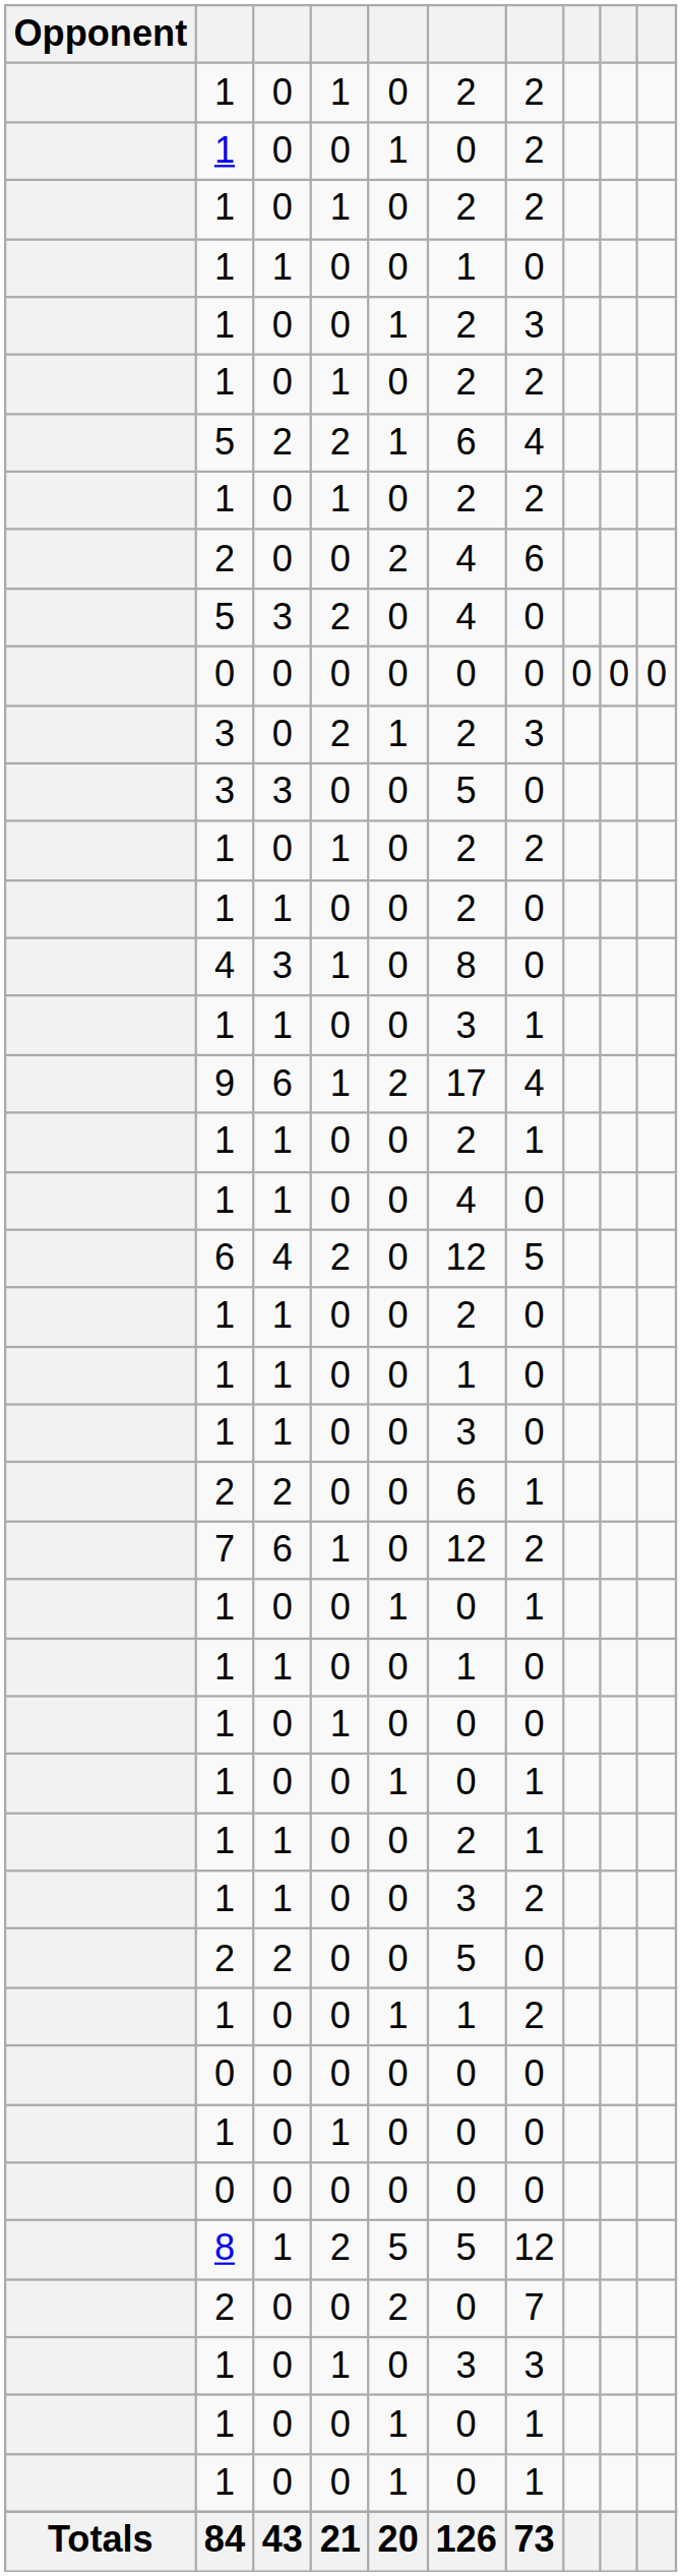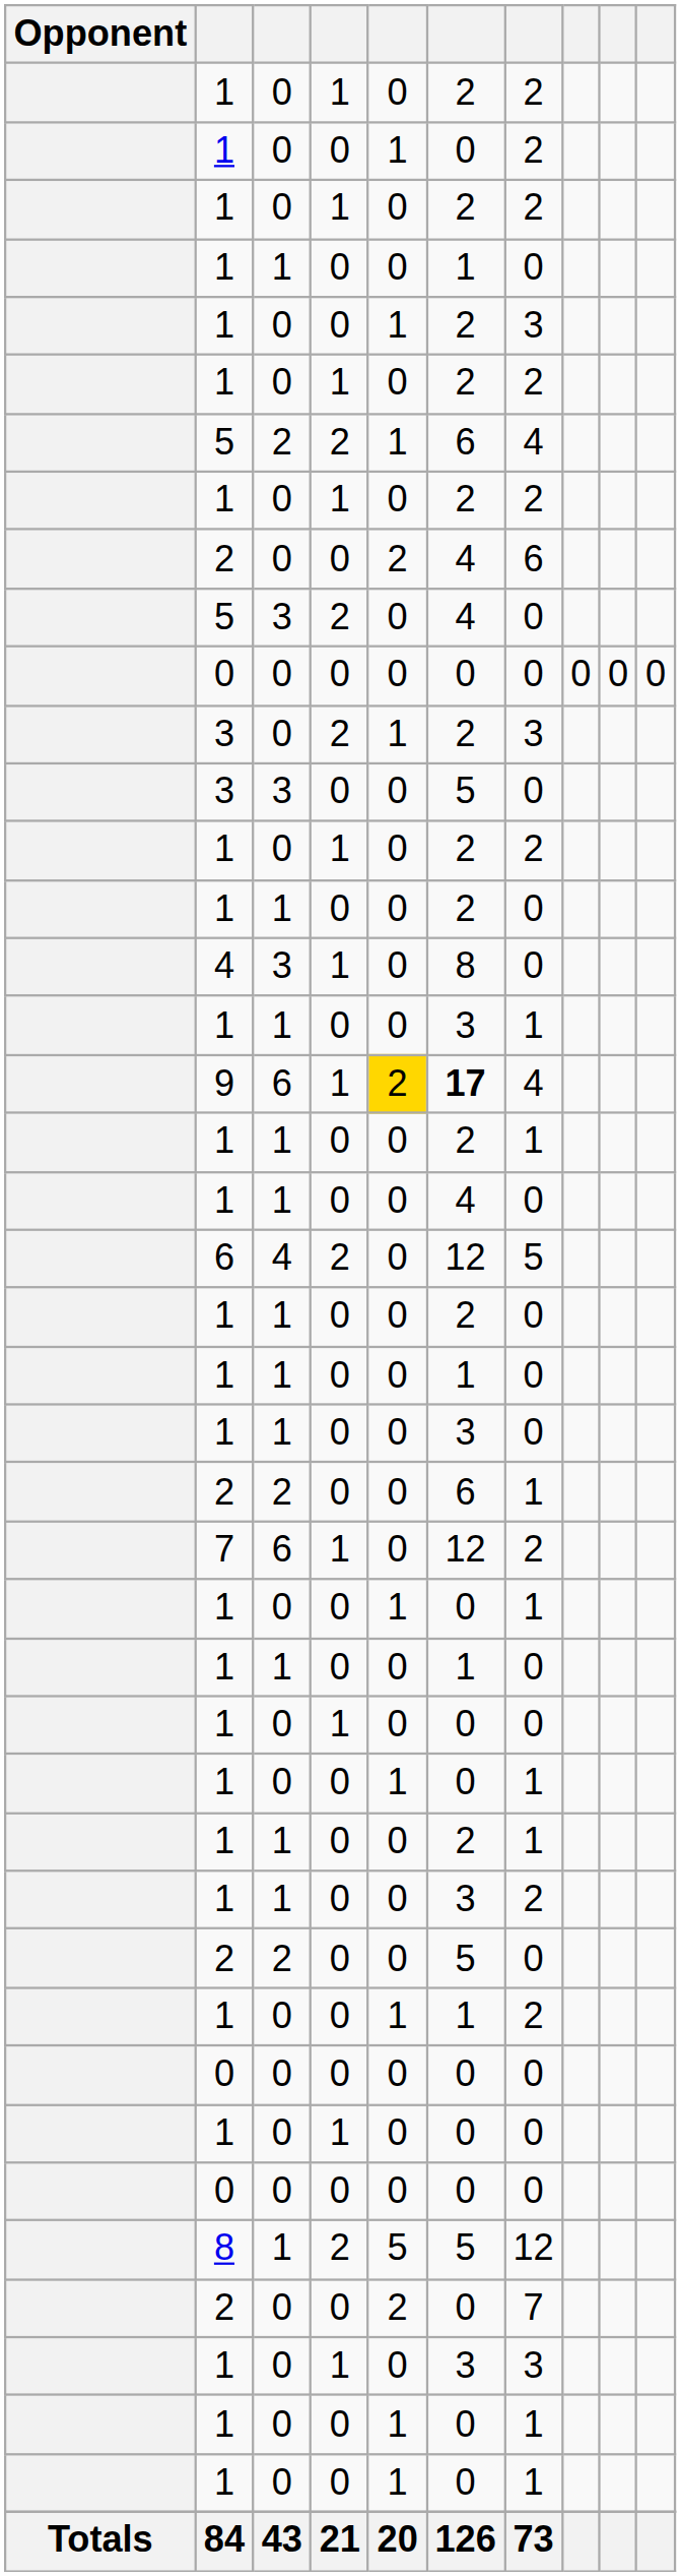 <table class="wikitable plainrowheaders sortable" style="text-align:center">
 <tr>
 <th scope=col>Opponent</th>
 <th scope=col></th>
 <th scope=col></th>
 <th scope=col></th>
 <th scope=col></th>
 <th scope=col></th>
 <th scope=col></th>
 <th scope=col></th>
 <th scope=col></th>
 <th scope=col></th>
 </tr>
 <tr>
 <th scope=row style="text-align:left;"></th>
 <td>1</td>
 <td>0</td>
 <td>1</td>
 <td>0</td>
 <td>2</td>
 <td>2</td>
 <td></td>
 <td></td>
 <td></td>
 </tr>
 <tr>
 <th scope=row style="text-align:left;"></th>
 <td><a href='#'>1</a></td>
 <td>0</td>
 <td>0</td>
 <td>1</td>
 <td>0</td>
 <td>2</td>
 <td></td>
 <td></td>
 <td></td>
 </tr>
 <tr>
 <th scope=row style="text-align:left;"></th>
 <td>1</td>
 <td>0</td>
 <td>1</td>
 <td>0</td>
 <td>2</td>
 <td>2</td>
 <td></td>
 <td></td>
 <td></td>
 </tr>
 <tr>
 <th scope=row style="text-align:left;"></th>
 <td>1</td>
 <td>1</td>
 <td>0</td>
 <td>0</td>
 <td>1</td>
 <td>0</td>
 <td></td>
 <td></td>
 <td></td>
 </tr>
 <tr>
 <th scope=row style="text-align:left;"></th>
 <td>1</td>
 <td>0</td>
 <td>0</td>
 <td>1</td>
 <td>2</td>
 <td>3</td>
 <td></td>
 <td></td>
 <td></td>
 </tr>
 <tr>
 <th scope=row style="text-align:left;"></th>
 <td>1</td>
 <td>0</td>
 <td>1</td>
 <td>0</td>
 <td>2</td>
 <td>2</td>
 <td></td>
 <td></td>
 <td></td>
 </tr>
 <tr>
 <th scope=row style="text-align:left;"></th>
 <td>5</td>
 <td>2</td>
 <td>2</td>
 <td>1</td>
 <td>6</td>
 <td>4</td>
 <td></td>
 <td></td>
 <td></td>
 </tr>
 <tr>
 <th scope=row style="text-align:left;"></th>
 <td>1</td>
 <td>0</td>
 <td>1</td>
 <td>0</td>
 <td>2</td>
 <td>2</td>
 <td></td>
 <td></td>
 <td></td>
 </tr>
 <tr>
 <th scope=row style="text-align:left;"></th>
 <td>2</td>
 <td>0</td>
 <td>0</td>
 <td>2</td>
 <td>4</td>
 <td>6</td>
 <td></td>
 <td></td>
 <td></td>
 </tr>
 <tr>
 <th scope=row style="text-align:left;"></th>
 <td>5</td>
 <td>3</td>
 <td>2</td>
 <td>0</td>
 <td>4</td>
 <td>0</td>
 <td></td>
 <td></td>
 <td></td>
 </tr>
 <tr>
 <th scope=row style="text-align:left;"></th>
 <td>0</td>
 <td>0</td>
 <td>0</td>
 <td>0</td>
 <td>0</td>
 <td>0</td>
 <td>0</td>
 <td>0</td>
 <td>0</td>
 </tr>
 <tr>
 <th scope=row style="text-align:left;"></th>
 <td>3</td>
 <td>0</td>
 <td>2</td>
 <td>1</td>
 <td>2</td>
 <td>3</td>
 <td></td>
 <td></td>
 <td></td>
 </tr>
 <tr>
 <th scope=row style="text-align:left;"></th>
 <td>3</td>
 <td>3</td>
 <td>0</td>
 <td>0</td>
 <td>5</td>
 <td>0</td>
 <td></td>
 <td></td>
 <td></td>
 </tr>
 <tr>
 <th scope=row style="text-align:left;"></th>
 <td>1</td>
 <td>0</td>
 <td>1</td>
 <td>0</td>
 <td>2</td>
 <td>2</td>
 <td></td>
 <td></td>
 <td></td>
 </tr>
 <tr>
 <th scope=row style="text-align:left;"></th>
 <td>1</td>
 <td>1</td>
 <td>0</td>
 <td>0</td>
 <td>2</td>
 <td>0</td>
 <td></td>
 <td></td>
 <td></td>
 </tr>
 <tr>
 <th scope=row style="text-align:left;"></th>
 <td>4</td>
 <td>3</td>
 <td>1</td>
 <td>0</td>
 <td>8</td>
 <td>0</td>
 <td></td>
 <td></td>
 <td></td>
 </tr>
 <tr>
 <th scope=row style="text-align:left;"></th>
 <td>1</td>
 <td>1</td>
 <td>0</td>
 <td>0</td>
 <td>3</td>
 <td>1</td>
 <td></td>
 <td></td>
 <td></td>
 </tr>
 <tr>
 <th scope=row style="text-align:left;"></th>
 <td>9</td>
 <td>6</td>
 <td>1</td>
-<td>2</td>
-<td>17</td>
+<td style="background: gold;">2</td>
+<td><strong>17</strong></td>
 <td>4</td>
 <td></td>
 <td></td>
 <td></td>
 </tr>
 <tr>
 <th scope=row style="text-align:left;"></th>
 <td>1</td>
 <td>1</td>
 <td>0</td>
 <td>0</td>
 <td>2</td>
 <td>1</td>
 <td></td>
 <td></td>
 <td></td>
 </tr>
 <tr>
 <th scope=row style="text-align:left;"></th>
 <td>1</td>
 <td>1</td>
 <td>0</td>
 <td>0</td>
 <td>4</td>
 <td>0</td>
 <td></td>
 <td></td>
 <td></td>
 </tr>
 <tr>
 <th scope=row style="text-align:left;"></th>
 <td>6</td>
 <td>4</td>
 <td>2</td>
 <td>0</td>
 <td>12</td>
 <td>5</td>
 <td></td>
 <td></td>
 <td></td>
 </tr>
 <tr>
 <th scope=row style="text-align:left;"></th>
 <td>1</td>
 <td>1</td>
 <td>0</td>
 <td>0</td>
 <td>2</td>
 <td>0</td>
 <td></td>
 <td></td>
 <td></td>
 </tr>
 <tr>
 <th scope=row style="text-align:left;"></th>
 <td>1</td>
 <td>1</td>
 <td>0</td>
 <td>0</td>
 <td>1</td>
 <td>0</td>
 <td></td>
 <td></td>
 <td></td>
 </tr>
 <tr>
 <th scope=row style="text-align:left;"></th>
 <td>1</td>
 <td>1</td>
 <td>0</td>
 <td>0</td>
 <td>3</td>
 <td>0</td>
 <td></td>
 <td></td>
 <td></td>
 </tr>
 <tr>
 <th scope=row style="text-align:left;"></th>
 <td>2</td>
 <td>2</td>
 <td>0</td>
 <td>0</td>
 <td>6</td>
 <td>1</td>
 <td></td>
 <td></td>
 <td></td>
 </tr>
 <tr>
 <th scope=row style="text-align:left;"></th>
 <td>7</td>
 <td>6</td>
 <td>1</td>
 <td>0</td>
 <td>12</td>
 <td>2</td>
 <td></td>
 <td></td>
 <td></td>
 </tr>
 <tr>
 <th scope=row style="text-align:left;"></th>
 <td>1</td>
 <td>0</td>
 <td>0</td>
 <td>1</td>
 <td>0</td>
 <td>1</td>
 <td></td>
 <td></td>
 <td></td>
 </tr>
 <tr>
 <th scope=row style="text-align:left;"></th>
 <td>1</td>
 <td>1</td>
 <td>0</td>
 <td>0</td>
 <td>1</td>
 <td>0</td>
 <td></td>
 <td></td>
 <td></td>
 </tr>
 <tr>
 <th scope=row style="text-align:left;"></th>
 <td>1</td>
 <td>0</td>
 <td>1</td>
 <td>0</td>
 <td>0</td>
 <td>0</td>
 <td></td>
 <td></td>
 <td></td>
 </tr>
 <tr>
 <th scope=row style="text-align:left;"></th>
 <td>1</td>
 <td>0</td>
 <td>0</td>
 <td>1</td>
 <td>0</td>
 <td>1</td>
 <td></td>
 <td></td>
 <td></td>
 </tr>
 <tr>
 <th scope=row style="text-align:left;"></th>
 <td>1</td>
 <td>1</td>
 <td>0</td>
 <td>0</td>
 <td>2</td>
 <td>1</td>
 <td></td>
 <td></td>
 <td></td>
 </tr>
 <tr>
 <th scope=row style="text-align:left;"></th>
 <td>1</td>
 <td>1</td>
 <td>0</td>
 <td>0</td>
 <td>3</td>
 <td>2</td>
 <td></td>
 <td></td>
 <td></td>
 </tr>
 <tr>
 <th scope=row style="text-align:left;"></th>
 <td>2</td>
 <td>2</td>
 <td>0</td>
 <td>0</td>
 <td>5</td>
 <td>0</td>
 <td></td>
 <td></td>
 <td></td>
 </tr>
 <tr>
 <th scope=row style="text-align:left;"></th>
 <td>1</td>
 <td>0</td>
 <td>0</td>
 <td>1</td>
 <td>1</td>
 <td>2</td>
 <td></td>
 <td></td>
 <td></td>
 </tr>
 <tr>
 <th scope=row style="text-align:left;"></th>
 <td>0</td>
 <td>0</td>
 <td>0</td>
 <td>0</td>
 <td>0</td>
 <td>0</td>
 <td></td>
 <td></td>
 <td></td>
 </tr>
 <tr>
 <th scope=row style="text-align:left;"></th>
 <td>1</td>
 <td>0</td>
 <td>1</td>
 <td>0</td>
 <td>0</td>
 <td>0</td>
 <td></td>
 <td></td>
 <td></td>
 </tr>
 <tr>
 <th scope=row style="text-align:left;"></th>
 <td>0</td>
 <td>0</td>
 <td>0</td>
 <td>0</td>
 <td>0</td>
 <td>0</td>
 <td></td>
 <td></td>
 <td></td>
 </tr>
 <tr>
 <th scope=row style="text-align:left;"></th>
 <td><a href='#'>8</a></td>
 <td>1</td>
 <td>2</td>
 <td>5</td>
 <td>5</td>
 <td>12</td>
 <td></td>
 <td></td>
 <td></td>
 </tr>
 <tr>
 <th scope=row style="text-align:left;"></th>
 <td>2</td>
 <td>0</td>
 <td>0</td>
 <td>2</td>
 <td>0</td>
 <td>7</td>
 <td></td>
 <td></td>
 <td></td>
 </tr>
 <tr>
 <th scope=row style="text-align:left;"></th>
 <td>1</td>
 <td>0</td>
 <td>1</td>
 <td>0</td>
 <td>3</td>
 <td>3</td>
 <td></td>
 <td></td>
 <td></td>
 </tr>
 <tr>
 <th scope=row style="text-align:left;"></th>
 <td>1</td>
 <td>0</td>
 <td>0</td>
 <td>1</td>
 <td>0</td>
 <td>1</td>
 <td></td>
 <td></td>
 <td></td>
 </tr>
 <tr>
 <th scope=row style="text-align:left;"></th>
 <td>1</td>
 <td>0</td>
 <td>0</td>
 <td>1</td>
 <td>0</td>
 <td>1</td>
 <td></td>
 <td></td>
 <td></td>
 </tr>
 <tr>
 </tr>
 <tr class="sortbottom">
 <th>Totals</th>
 <th>84</th>
 <th>43</th>
 <th>21</th>
 <th>20</th>
 <th>126</th>
 <th>73</th>
 <th></th>
 <th></th>
 <th></th>
 </tr>
 </table>
